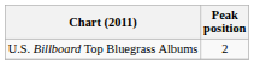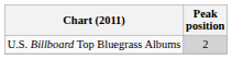 <table class="wikitable">
 <tr>
 <th>Chart (2011)</th>
 <th>Peak<br>position</th>
 </tr>
 <tr>
 <td>U.S. <em>Billboard</em> Top Bluegrass Albums</td>
-<td align="center">2</td>
+<td align="center" style="background: lightgrey;">2</td>
 </tr>
 <tr>
 </tr>
 </table>
